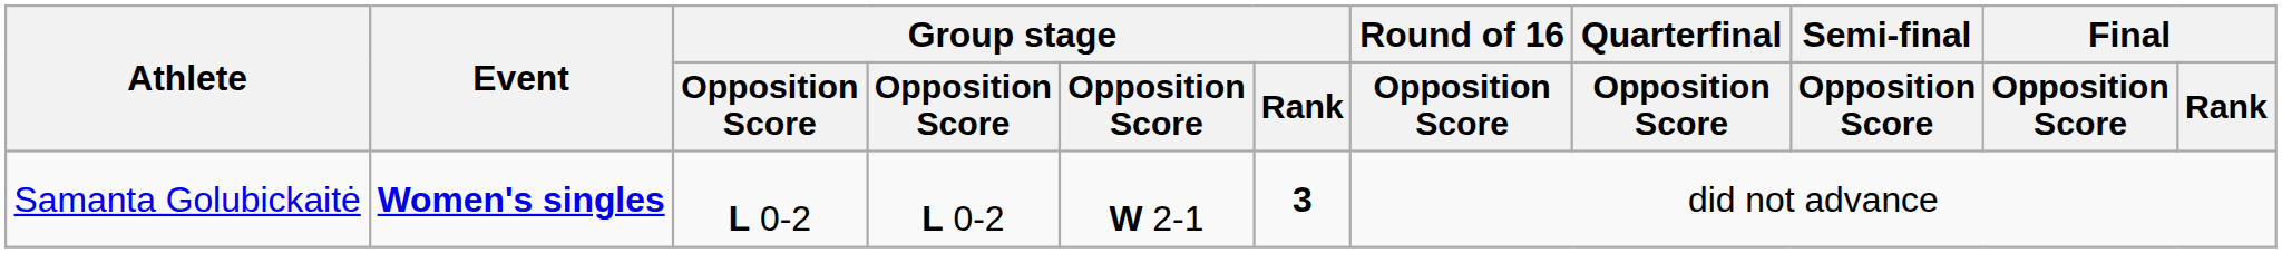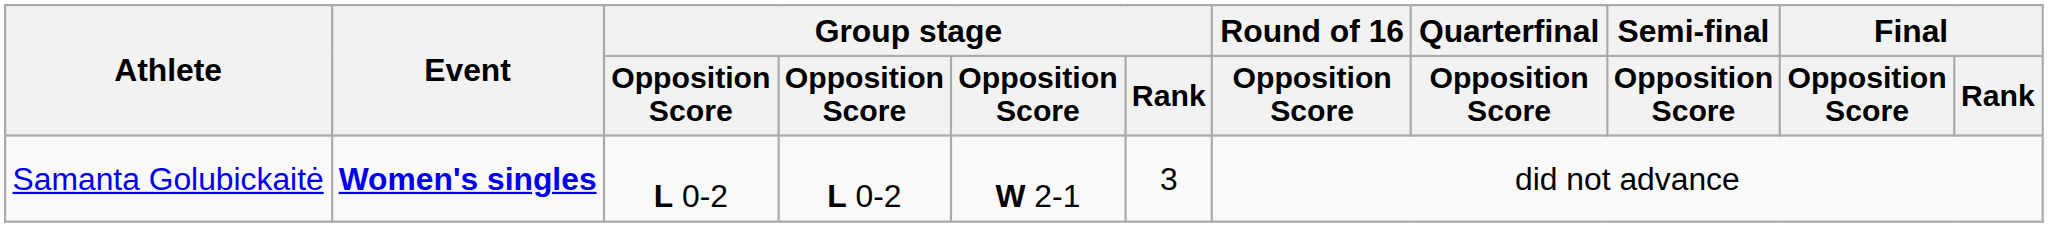 <table class=wikitable style=font-size:90%;text-align:center>
 <tr>
 <th rowspan=2>Athlete</th>
 <th rowspan=2>Event</th>
 <th colspan=4>Group stage</th>
 <th>Round of 16</th>
 <th>Quarterfinal</th>
 <th>Semi-final</th>
 <th colspan=2>Final</th>
 </tr>
 <tr style=font-size:95%>
 <th>Opposition<br>Score</th>
 <th>Opposition<br>Score</th>
 <th>Opposition<br>Score</th>
 <th>Rank</th>
 <th>Opposition<br>Score</th>
 <th>Opposition<br>Score</th>
 <th>Opposition<br>Score</th>
 <th>Opposition<br>Score</th>
 <th>Rank</th>
 </tr>
 <tr>
 <td align=left><a href='#'>Samanta Golubickaitė</a></td>
 <td align=left><strong><a href='#'>Women's singles</a></strong></td>
 <td><br> <strong>L</strong> 0-2</td>
 <td><br> <strong>L</strong> 0-2</td>
 <td><br> <strong>W</strong> 2-1</td>
-<td><strong>3</strong></td>
+<td>3</td>
 <td colspan=5>did not advance</td>
 </tr>
 </table>
